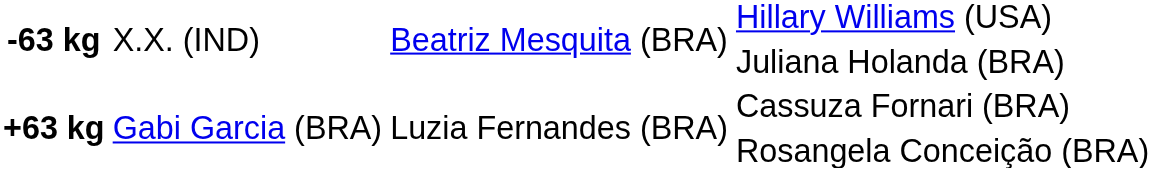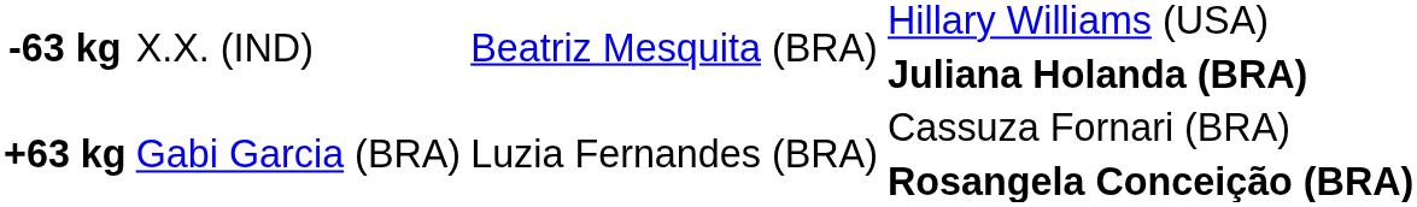 <table>
 <tr>
 <th scope=row rowspan=2>-63 kg</th>
 <td rowspan=2> X.X. (IND)</td>
 <td rowspan=2> <a href='#'>Beatriz Mesquita</a> (BRA)</td>
 <td> <a href='#'>Hillary Williams</a> (USA)</td>
 </tr>
 <tr>
-<td> Juliana Holanda (BRA)</td>
+<td><strong> Juliana Holanda (BRA)</strong></td>
 </tr>
 <tr>
 <th scope=row rowspan=2>+63 kg</th>
 <td rowspan=2> <a href='#'>Gabi Garcia</a> (BRA)</td>
 <td rowspan=2> Luzia Fernandes (BRA)</td>
 <td> Cassuza Fornari (BRA)</td>
 </tr>
 <tr>
-<td> Rosangela Conceição (BRA)</td>
+<td><strong> Rosangela Conceição (BRA)</strong></td>
 </tr>
 </table>
